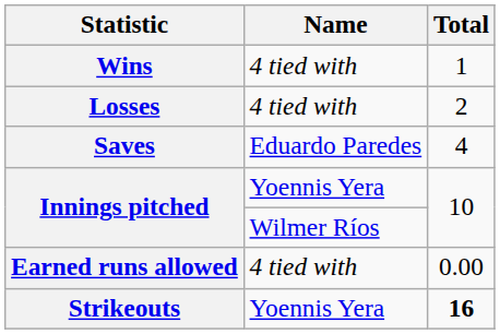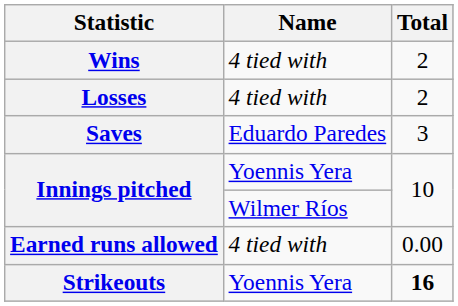 <table class="wikitable plainrowheaders">
 <tr>
 <th scope="col">Statistic</th>
 <th scope="col">Name</th>
 <th scope="col">Total</th>
 </tr>
 <tr>
 <th scope="row"><a href='#'>Wins</a></th>
 <td><em>4 tied with</em></td>
-<td align=center>1</td>
+<td align=center>2</td>
 </tr>
 <tr>
 <th scope="row"><a href='#'>Losses</a></th>
 <td><em>4 tied with</em></td>
 <td align=center>2</td>
 </tr>
 <tr>
 <th scope="row"><a href='#'>Saves</a></th>
 <td> <a href='#'>Eduardo Paredes</a></td>
-<td align=center>4</td>
+<td align=center>3</td>
 </tr>
 <tr>
 <th scope="row" rowspan=2><a href='#'>Innings pitched</a></th>
 <td> <a href='#'>Yoennis Yera</a></td>
 <td align=center rowspan=2>10</td>
 </tr>
 <tr>
 <td> <a href='#'>Wilmer Ríos</a></td>
 </tr>
 <tr>
 <th scope="row"><a href='#'>Earned runs allowed</a></th>
 <td><em>4 tied with</em></td>
 <td align=center>0.00</td>
 </tr>
 <tr>
 <th scope="row"><a href='#'>Strikeouts</a></th>
 <td> <a href='#'>Yoennis Yera</a></td>
 <td align=center><strong>16</strong></td>
 </tr>
 </table>
